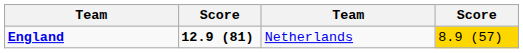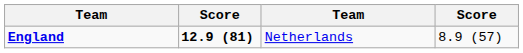 <table class="wikitable" width=500>
 <tr>
 <th width=25%>Team</th>
 <th width=12%>Score</th>
 <th width=25%>Team</th>
 <th width=12%>Score</th>
 </tr>
 <tr style="vertical-align: top;">
 <td> <strong><a href='#'>England</a></strong></td>
 <td><strong>12.9 (81)</strong></td>
 <td> <a href='#'>Netherlands</a></td>
-<td style="background: gold;">8.9 (57)</td>
+<td>8.9 (57)</td>
 </tr>
 </table>
